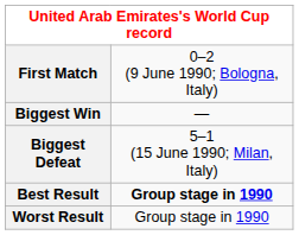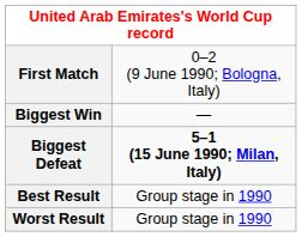 <table class="wikitable collapsible collapsed" style="width:50%; text-align:center;">
 <tr>
 <th style="background:white;color:red;" colspan="6"><strong>United Arab Emirates's World Cup record</strong></th>
 </tr>
 <tr>
 <th>First Match</th>
 <td> 0–2 <br>(9 June 1990; <a href='#'>Bologna</a>, Italy)</td>
 </tr>
 <tr>
 <th>Biggest Win</th>
 <td align=center>—</td>
 </tr>
 <tr>
 <th>Biggest Defeat</th>
-<td> 5–1 <br>(15 June 1990; <a href='#'>Milan</a>, Italy)</td>
+<td><strong> 5–1 <br>(15 June 1990; <a href='#'>Milan</a>, Italy)</strong></td>
 </tr>
 <tr>
 <th>Best Result</th>
-<td><strong>Group stage in <a href='#'>1990</a></strong></td>
+<td>Group stage in <a href='#'>1990</a></td>
 </tr>
 <tr>
 <th>Worst Result</th>
 <td>Group stage in <a href='#'>1990</a></td>
 </tr>
 </table>
